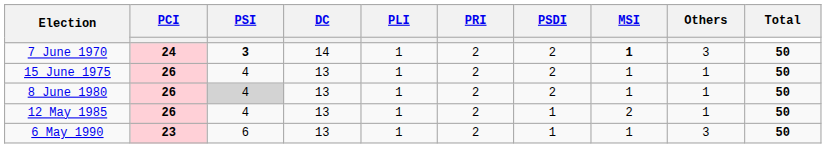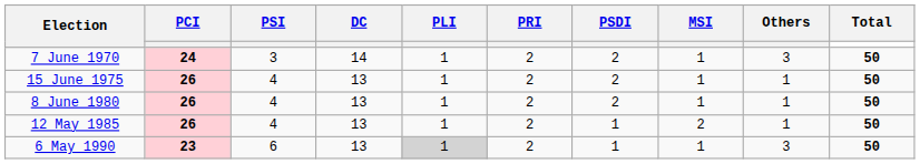 <table class="wikitable" style="text-align:center;font-size:85%;line-height:13px">
 <tr style="height:30px; background-color:#E9E9E9">
 <th style="width:110px;" rowspan="2">Election</th>
 <th style="width:65px;"><a href='#'>PCI</a></th>
 <th style="width:65px;"><a href='#'>PSI</a></th>
 <th style="width:65px;"><a href='#'>DC</a></th>
 <th style="width:65px;"><a href='#'>PLI</a></th>
 <th style="width:65px;"><a href='#'>PRI</a></th>
 <th style="width:65px;"><a href='#'>PSDI</a></th>
 <th style="width:65px;"><a href='#'>MSI</a></th>
 <th style="width:65px;">Others</th>
 <th style="width:65px;">Total</th>
 </tr>
 <tr>
 <th style="color:inherit;background:"></th>
 <th style="color:inherit;background:"></th>
 <th style="color:inherit;background:"></th>
 <th style="color:inherit;background:"></th>
 <th style="color:inherit;background:"></th>
 <th style="color:inherit;background:"></th>
 <th style="color:inherit;background:"></th>
 <th style="color:inherit;background:"></th>
 <th style="color:inherit;background:white;"></th>
 </tr>
 <tr>
 <td><a href='#'>7 June 1970</a></td>
 <td style="background:#FFD0D7"><strong>24</strong></td>
-<td><strong>3</strong></td>
+<td>3</td>
 <td>14</td>
 <td>1</td>
 <td>2</td>
 <td>2</td>
-<td><strong>1</strong></td>
+<td>1</td>
 <td>3</td>
 <td><strong>50</strong></td>
 </tr>
 <tr>
 <td><a href='#'>15 June 1975</a></td>
 <td style="background:#FFD0D7"><strong>26</strong></td>
 <td>4</td>
 <td>13</td>
 <td>1</td>
 <td>2</td>
 <td>2</td>
 <td>1</td>
 <td>1</td>
 <td><strong>50</strong></td>
 </tr>
 <tr>
 <td><a href='#'>8 June 1980</a></td>
 <td style="background:#FFD0D7"><strong>26</strong></td>
-<td style="background: lightgrey;">4</td>
+<td>4</td>
 <td>13</td>
 <td>1</td>
 <td>2</td>
 <td>2</td>
 <td>1</td>
 <td>1</td>
 <td><strong>50</strong></td>
 </tr>
 <tr>
 <td><a href='#'>12 May 1985</a></td>
 <td style="background:#FFD0D7"><strong>26</strong></td>
 <td>4</td>
 <td>13</td>
 <td>1</td>
 <td>2</td>
 <td>1</td>
 <td>2</td>
 <td>1</td>
 <td><strong>50</strong></td>
 </tr>
 <tr>
 <td><a href='#'>6 May 1990</a></td>
 <td style="background:#FFD0D7"><strong>23</strong></td>
 <td>6</td>
 <td>13</td>
-<td>1</td>
+<td style="background: lightgrey;">1</td>
 <td>2</td>
 <td>1</td>
 <td>1</td>
 <td>3</td>
 <td><strong>50</strong></td>
 </tr>
 </table>
